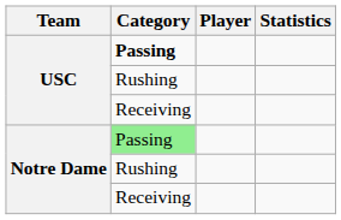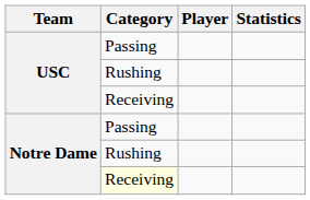 <table class="wikitable" style="float:right">
 <tr>
 <th>Team</th>
 <th>Category</th>
 <th>Player</th>
 <th>Statistics</th>
 </tr>
 <tr>
 <th rowspan=3>USC</th>
-<td><strong>Passing</strong></td>
+<td>Passing</td>
 <td></td>
 <td></td>
 </tr>
 <tr>
 <td>Rushing</td>
 <td></td>
 <td></td>
 </tr>
 <tr>
 <td>Receiving</td>
 <td></td>
 <td></td>
 </tr>
 <tr>
 <th rowspan=3>Notre Dame</th>
-<td style="background: lightgreen;">Passing</td>
+<td>Passing</td>
 <td></td>
 <td></td>
 </tr>
 <tr>
 <td>Rushing</td>
 <td></td>
 <td></td>
 </tr>
 <tr>
-<td>Receiving</td>
+<td style="background: lightyellow;">Receiving</td>
 <td></td>
 <td></td>
 </tr>
 </table>
